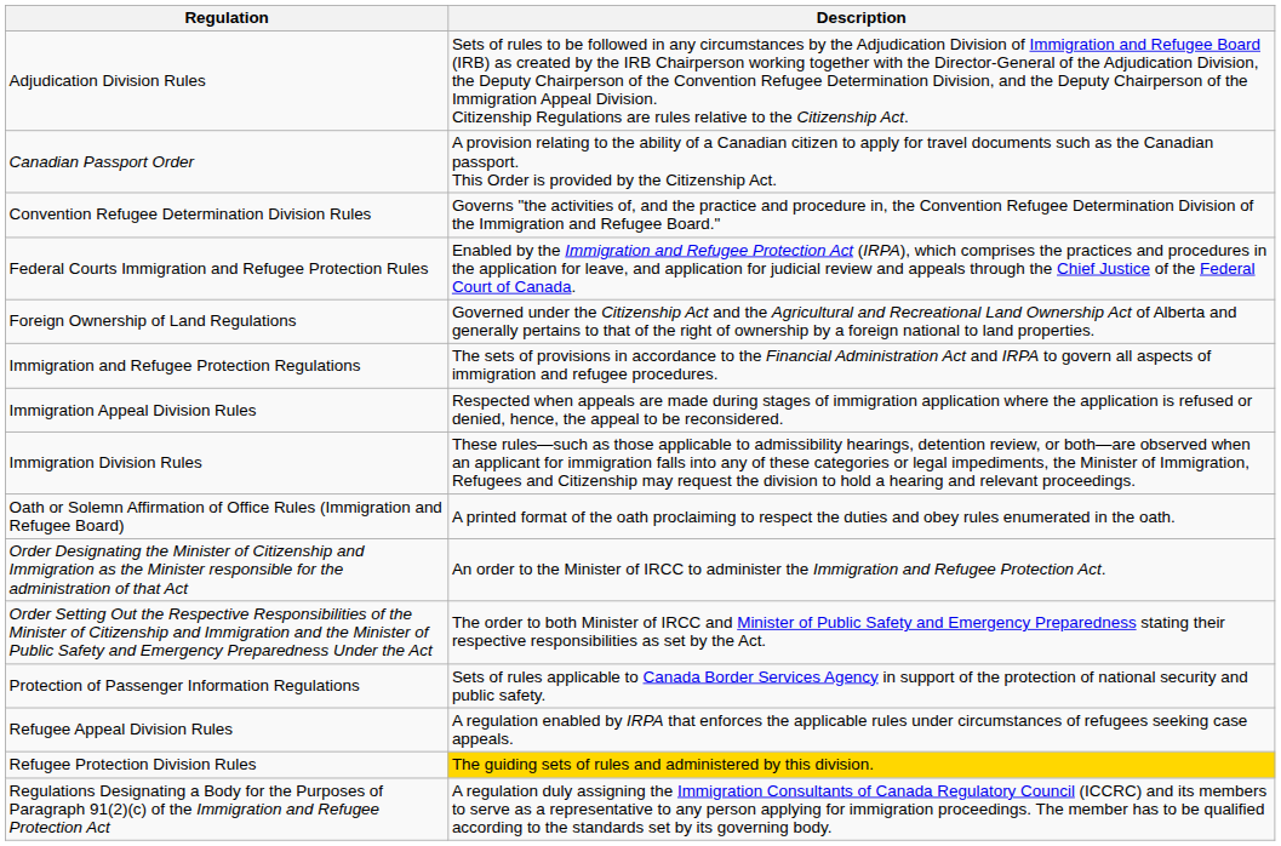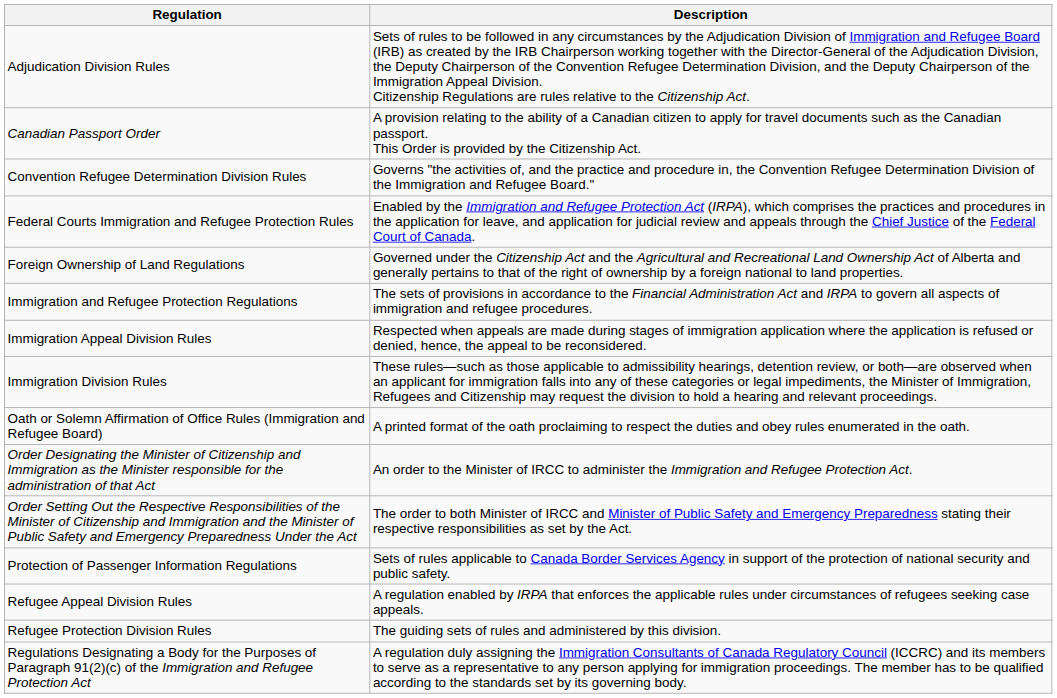 <table class="wikitable">
 <tr>
 <th>Regulation</th>
 <th>Description</th>
 </tr>
 <tr>
 <td>Adjudication Division Rules</td>
 <td>Sets of rules to be followed in any circumstances by the Adjudication Division of <a href='#'>Immigration and Refugee Board</a> (IRB) as created by the IRB Chairperson working together with the Director-General of the Adjudication Division, the Deputy Chairperson of the Convention Refugee Determination Division, and the Deputy Chairperson of the Immigration Appeal Division.<br>Citizenship Regulations are rules relative to the <em>Citizenship Act</em>.</td>
 </tr>
 <tr>
 <td><em>Canadian Passport Order</em></td>
 <td>A provision relating to the ability of a Canadian citizen to apply for travel documents such as the Canadian passport.<em></em><br>This Order is provided by the Citizenship Act.</td>
 </tr>
 <tr>
 <td>Convention Refugee Determination Division Rules</td>
 <td>Governs "the activities of, and the practice and procedure in, the Convention Refugee Determination Division of the Immigration and Refugee Board."</td>
 </tr>
 <tr>
 <td>Federal Courts Immigration and Refugee Protection Rules</td>
 <td>Enabled by the <em><a href='#'>Immigration and Refugee Protection Act</a></em> (<em>IRPA</em>), which comprises the practices and procedures in the application for leave, and application for judicial review and appeals through the <a href='#'>Chief Justice</a> of the <a href='#'>Federal Court of Canada</a>.</td>
 </tr>
 <tr>
 <td>Foreign Ownership of Land Regulations</td>
 <td>Governed under the <em>Citizenship Act</em> and the <em>Agricultural and Recreational Land Ownership Act</em> of Alberta and generally pertains to that of the right of ownership by a foreign national to land properties.</td>
 </tr>
 <tr>
 <td>Immigration and Refugee Protection Regulations</td>
 <td>The sets of provisions in accordance to the <em>Financial Administration Act</em> and <em>IRPA</em> to govern all aspects of immigration and refugee procedures.</td>
 </tr>
 <tr>
 <td>Immigration Appeal Division Rules</td>
 <td>Respected when appeals are made during stages of immigration application where the application is refused or denied, hence, the appeal to be reconsidered.</td>
 </tr>
 <tr>
 <td>Immigration Division Rules</td>
 <td>These rules—such as those applicable to admissibility hearings, detention review, or both—are observed when an applicant for immigration falls into any of these categories or legal impediments, the Minister of Immigration, Refugees and Citizenship may request the division to hold a hearing and relevant proceedings.</td>
 </tr>
 <tr>
 <td>Oath or Solemn Affirmation of Office Rules (Immigration and Refugee Board)</td>
 <td>A printed format of the oath proclaiming to respect the duties and obey rules enumerated in the oath.</td>
 </tr>
 <tr>
 <td><em>Order Designating the Minister of Citizenship and Immigration as the Minister responsible for the administration of that Act</em></td>
 <td>An order to the Minister of IRCC to administer the <em>Immigration and Refugee Protection Act</em>.</td>
 </tr>
 <tr>
 <td><em>Order Setting Out the Respective Responsibilities of the Minister of Citizenship and Immigration and the Minister of Public Safety and Emergency Preparedness Under the Act</em></td>
 <td>The order to both Minister of IRCC and <a href='#'>Minister of Public Safety and Emergency Preparedness</a> stating their respective responsibilities as set by the Act.</td>
 </tr>
 <tr>
 <td>Protection of Passenger Information Regulations</td>
 <td>Sets of rules applicable to <a href='#'>Canada Border Services Agency</a> in support of the protection of national security and public safety.</td>
 </tr>
 <tr>
 <td>Refugee Appeal Division Rules</td>
 <td>A regulation enabled by <em>IRPA</em> that enforces the applicable rules under circumstances of refugees seeking case appeals.</td>
 </tr>
 <tr>
 <td>Refugee Protection Division Rules</td>
-<td style="background: gold;">The guiding sets of rules and administered by this division.</td>
+<td>The guiding sets of rules and administered by this division.</td>
 </tr>
 <tr>
 <td>Regulations Designating a Body for the Purposes of Paragraph 91(2)(c) of the <em>Immigration and Refugee Protection Act</em></td>
 <td>A regulation duly assigning the <a href='#'>Immigration Consultants of Canada Regulatory Council</a> (ICCRC) and its members to serve as a representative to any person applying for immigration proceedings. The member has to be qualified according to the standards set by its governing body.</td>
 </tr>
 </table>
